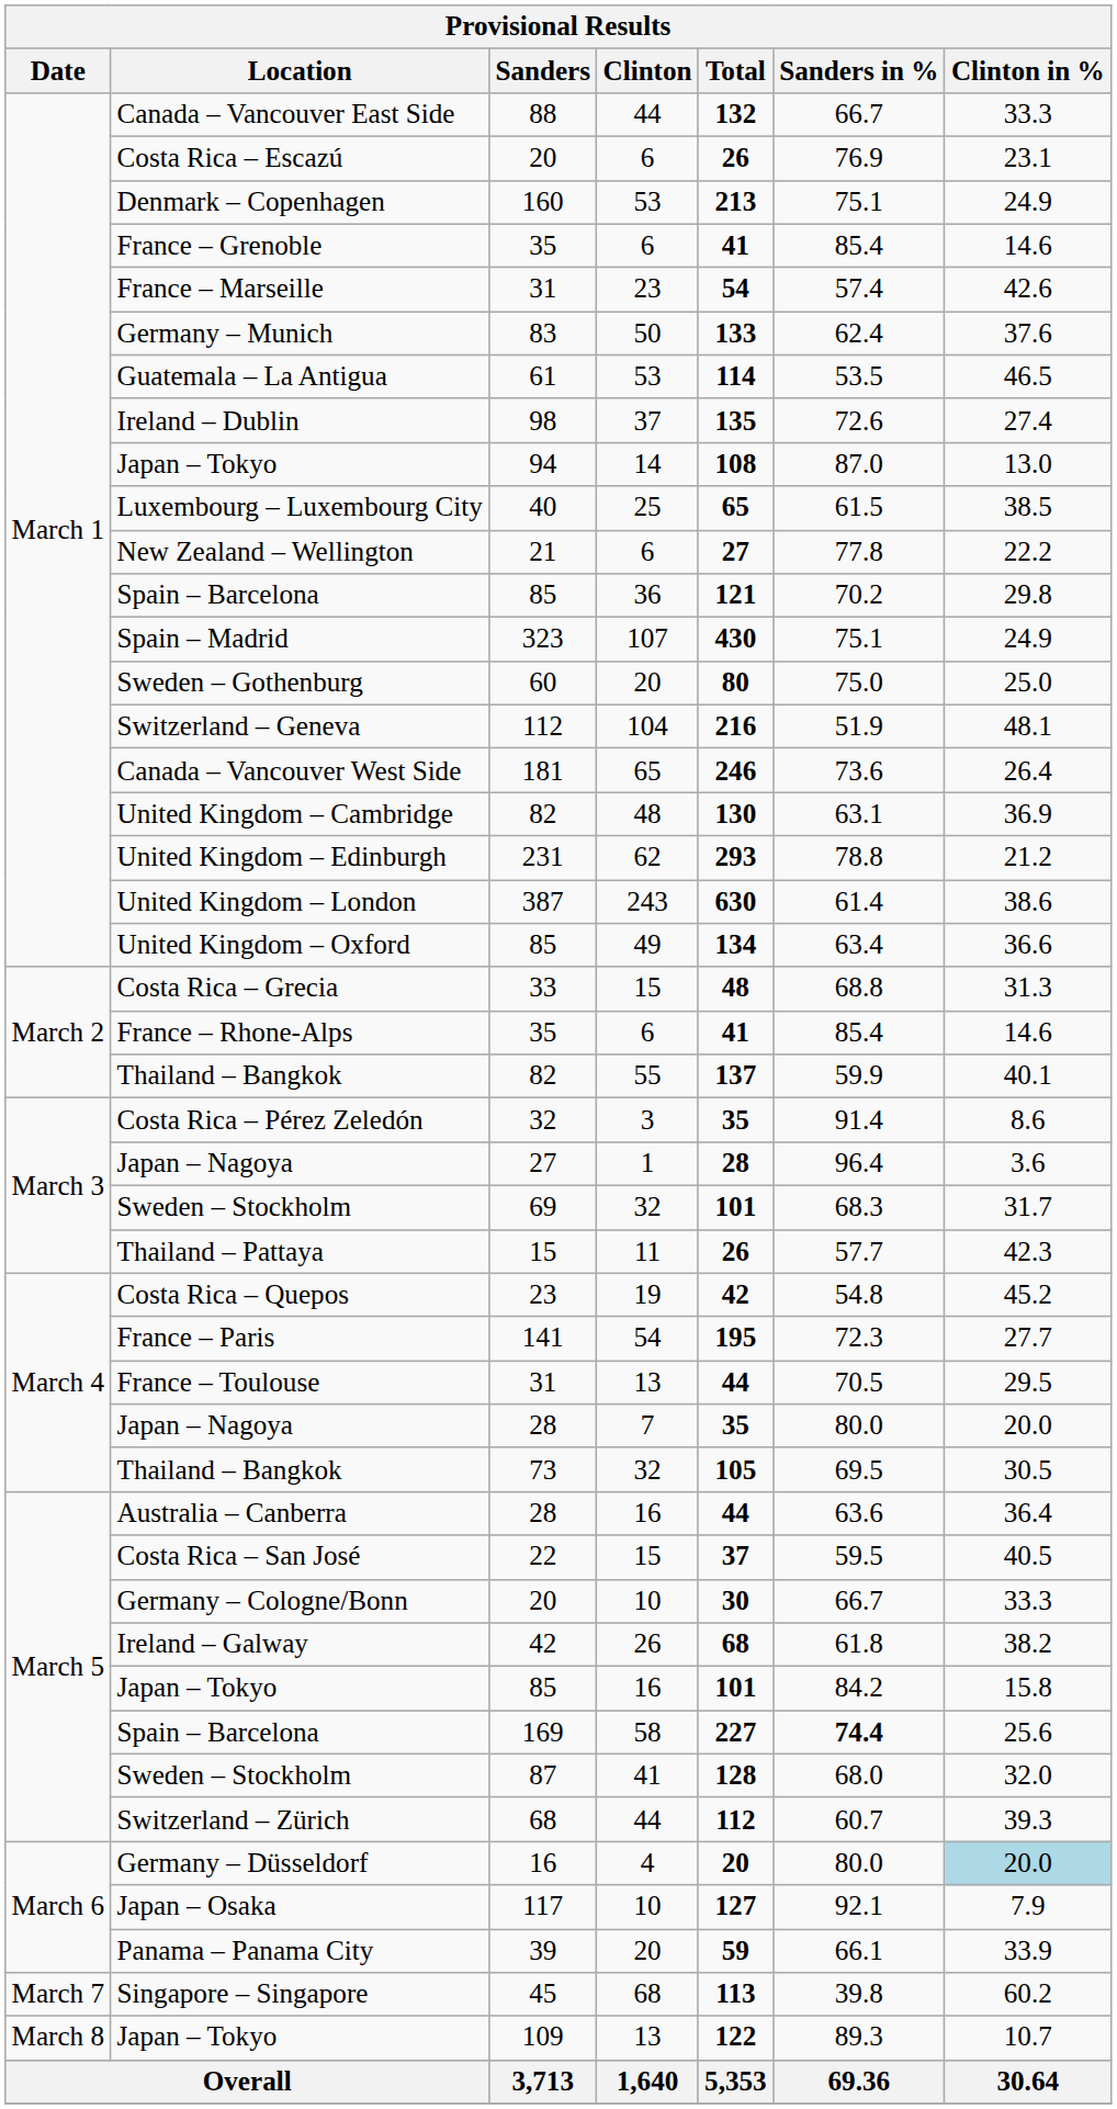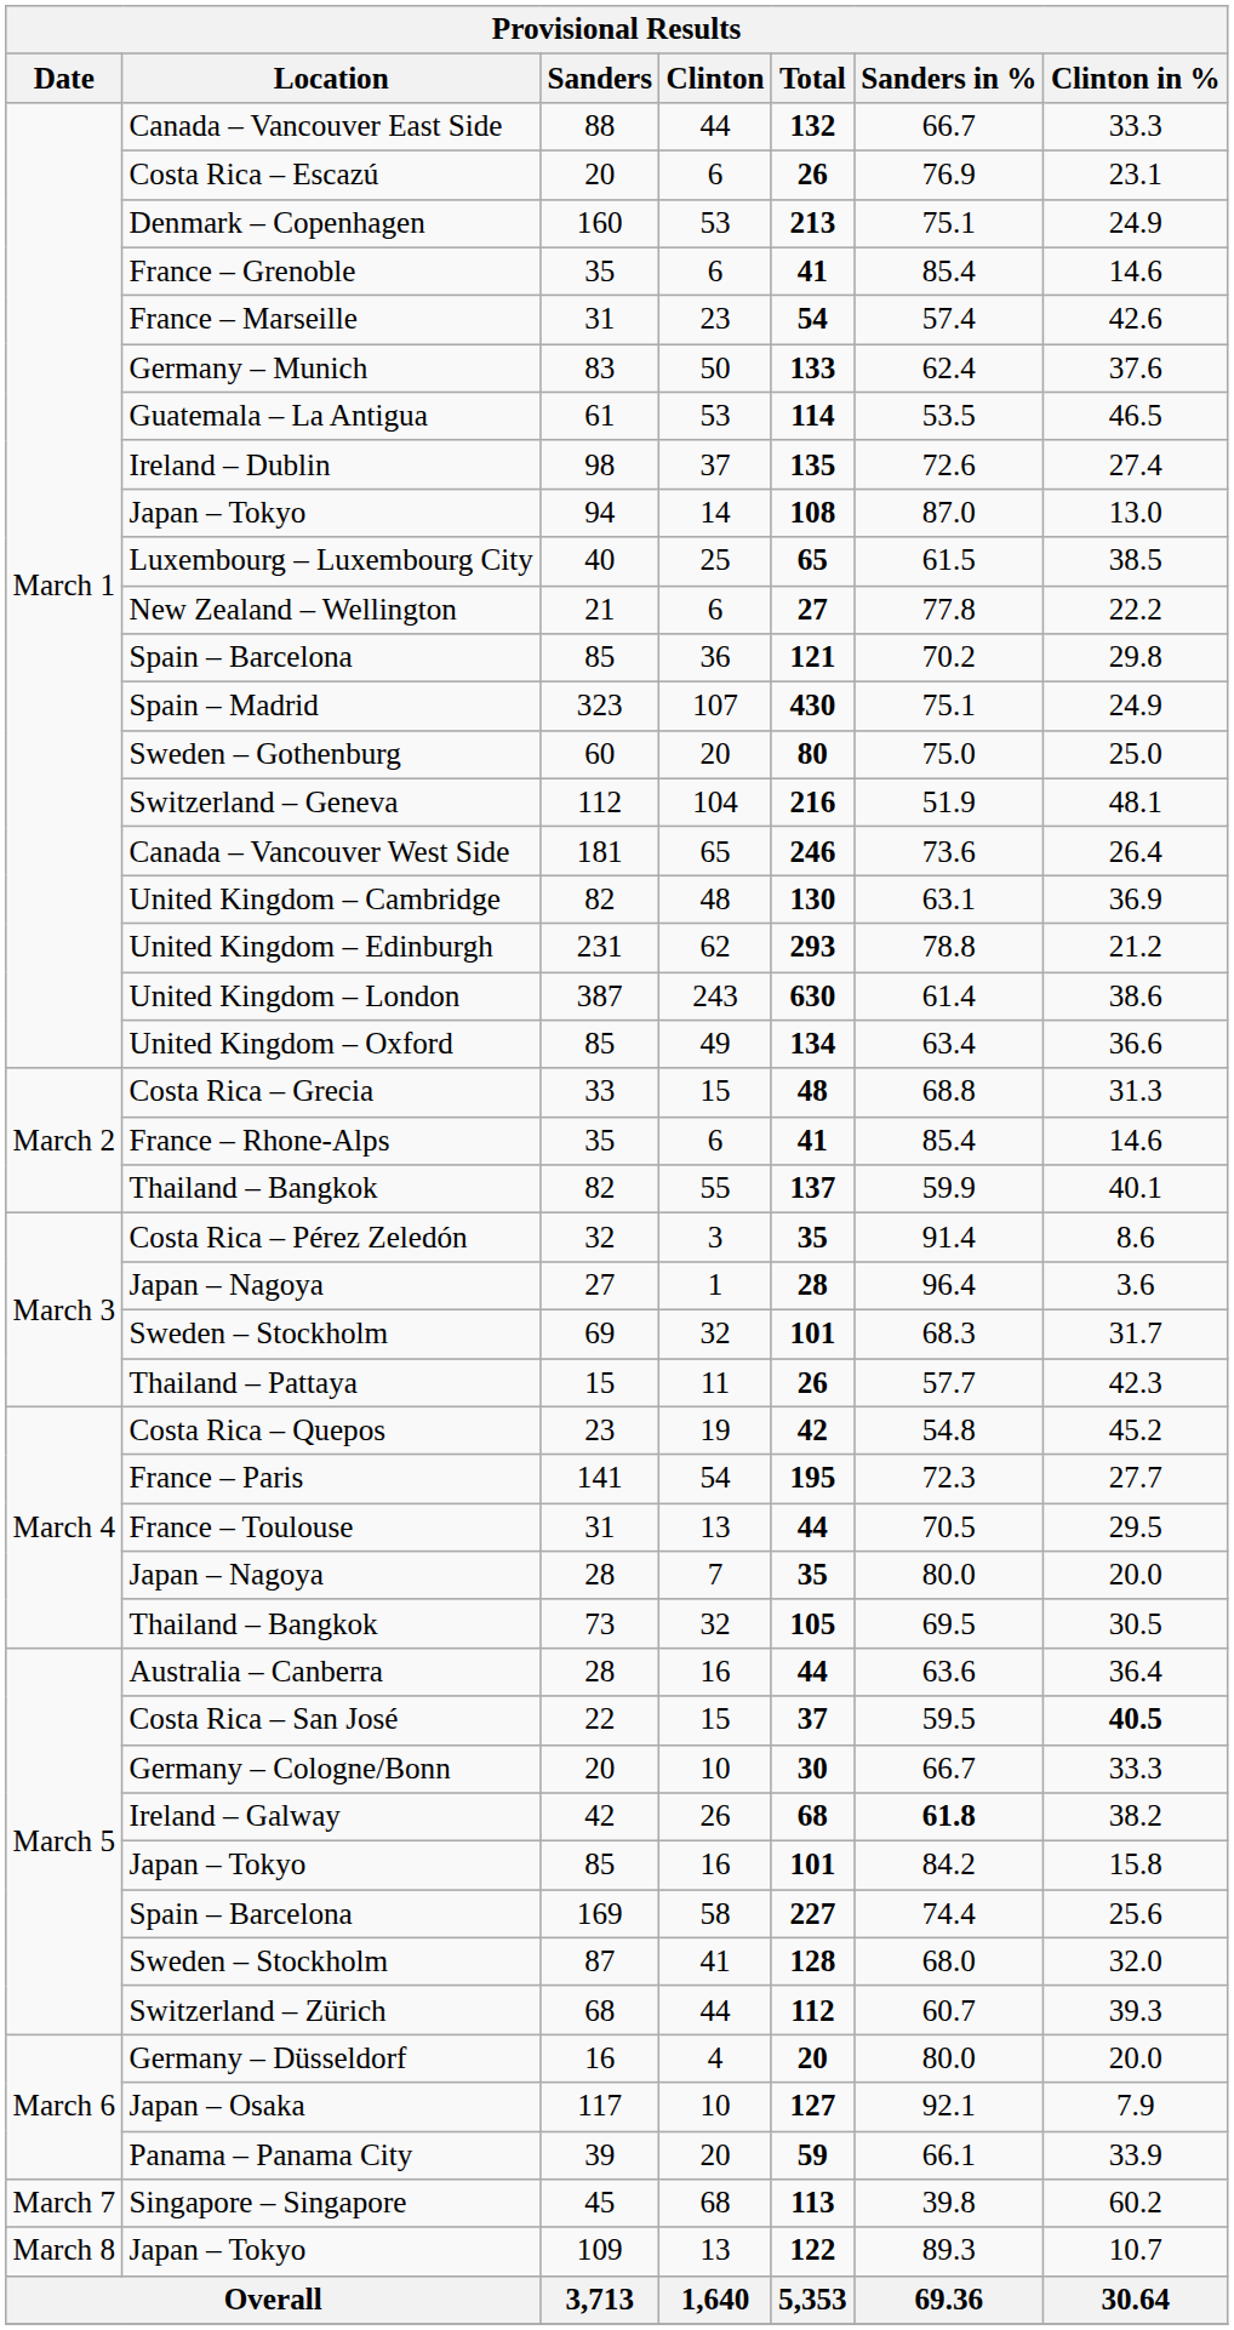 <table class="wikitable sortable collapsible collapsed" style="text-align:center">
 <tr>
 <th style="text-align: center;" colspan="8">Provisional Results</th>
 </tr>
 <tr>
 <th>Date</th>
 <th>Location</th>
 <th>Sanders</th>
 <th>Clinton</th>
 <th>Total</th>
 <th>Sanders in %</th>
 <th>Clinton in %</th>
 </tr>
 <tr>
 <td rowspan="20" style="text-align: center;">March 1</td>
 <td style="text-align: left;">Canada – Vancouver East Side</td>
 <td>88</td>
 <td style="text-align: center;">44</td>
 <td style="text-align: center; font-weight: bold;">132</td>
 <td>66.7</td>
 <td>33.3</td>
 </tr>
 <tr>
 <td style="text-align: left;">Costa Rica – Escazú </td>
 <td>20</td>
 <td style="text-align: center;">6</td>
 <td style="text-align: center; font-weight: bold;">26</td>
 <td>76.9</td>
 <td>23.1</td>
 </tr>
 <tr>
 <td style="text-align: left;">Denmark – Copenhagen</td>
 <td>160</td>
 <td style="text-align: center;">53</td>
 <td style="text-align: center; font-weight: bold;">213</td>
 <td>75.1</td>
 <td>24.9</td>
 </tr>
 <tr>
 <td style="text-align: left;">France – Grenoble</td>
 <td>35</td>
 <td style="text-align: center;">6</td>
 <td style="text-align: center; font-weight: bold;">41</td>
 <td>85.4</td>
 <td>14.6</td>
 </tr>
 <tr>
 <td style="text-align: left;">France – Marseille</td>
 <td>31</td>
 <td style="text-align: center;">23</td>
 <td style="text-align: center; font-weight: bold;">54</td>
 <td>57.4</td>
 <td>42.6</td>
 </tr>
 <tr>
 <td style="text-align: left;">Germany – Munich</td>
 <td>83</td>
 <td style="text-align: center;">50</td>
 <td style="text-align: center; font-weight: bold;">133</td>
 <td>62.4</td>
 <td>37.6</td>
 </tr>
 <tr>
 <td style="text-align: left;">Guatemala – La Antigua</td>
 <td>61</td>
 <td style="text-align: center;">53</td>
 <td style="text-align: center; font-weight: bold;">114</td>
 <td>53.5</td>
 <td>46.5</td>
 </tr>
 <tr>
 <td style="text-align: left;">Ireland – Dublin</td>
 <td>98</td>
 <td style="text-align: center;">37</td>
 <td style="text-align: center; font-weight: bold;">135</td>
 <td>72.6</td>
 <td>27.4</td>
 </tr>
 <tr>
 <td style="text-align: left;">Japan – Tokyo</td>
 <td>94</td>
 <td style="text-align: center;">14</td>
 <td style="text-align: center; font-weight: bold;">108</td>
 <td>87.0</td>
 <td>13.0</td>
 </tr>
 <tr>
 <td style="text-align: left;">Luxembourg – Luxembourg City</td>
 <td>40</td>
 <td style="text-align: center;">25</td>
 <td style="text-align: center; font-weight: bold;">65</td>
 <td>61.5</td>
 <td>38.5</td>
 </tr>
 <tr>
 <td style="text-align: left;">New Zealand – Wellington</td>
 <td>21</td>
 <td style="text-align: center;">6</td>
 <td style="text-align: center; font-weight: bold;">27</td>
 <td>77.8</td>
 <td>22.2</td>
 </tr>
 <tr>
 <td style="text-align: left;">Spain – Barcelona</td>
 <td>85</td>
 <td style="text-align: center;">36</td>
 <td style="text-align: center; font-weight: bold;">121</td>
 <td>70.2</td>
 <td>29.8</td>
 </tr>
 <tr>
 <td style="text-align: left;">Spain – Madrid</td>
 <td>323</td>
 <td style="text-align: center;">107</td>
 <td style="text-align: center; font-weight: bold;">430</td>
 <td>75.1</td>
 <td>24.9</td>
 </tr>
 <tr>
 <td style="text-align: left;">Sweden – Gothenburg</td>
 <td>60</td>
 <td style="text-align: center;">20</td>
 <td style="text-align: center; font-weight: bold;">80</td>
 <td>75.0</td>
 <td>25.0</td>
 </tr>
 <tr>
 <td style="text-align: left;">Switzerland – Geneva</td>
 <td>112</td>
 <td style="text-align: center;">104</td>
 <td style="text-align: center; font-weight: bold;">216</td>
 <td>51.9</td>
 <td>48.1</td>
 </tr>
 <tr>
 <td style="text-align: left;">Canada – Vancouver West Side</td>
 <td>181</td>
 <td style="text-align: center;">65</td>
 <td style="text-align: center; font-weight: bold;">246</td>
 <td>73.6</td>
 <td>26.4</td>
 </tr>
 <tr>
 <td style="text-align: left;">United Kingdom – Cambridge</td>
 <td>82</td>
 <td style="text-align: center;">48</td>
 <td style="text-align: center; font-weight: bold;">130</td>
 <td>63.1</td>
 <td>36.9</td>
 </tr>
 <tr>
 <td style="text-align: left;">United Kingdom – Edinburgh</td>
 <td>231</td>
 <td style="text-align: center;">62</td>
 <td style="text-align: center; font-weight: bold;">293</td>
 <td>78.8</td>
 <td>21.2</td>
 </tr>
 <tr>
 <td style="text-align: left;">United Kingdom – London</td>
 <td>387</td>
 <td style="text-align: center;">243</td>
 <td style="text-align: center; font-weight: bold;">630</td>
 <td>61.4</td>
 <td>38.6</td>
 </tr>
 <tr>
 <td style="text-align: left;">United Kingdom – Oxford</td>
 <td>85</td>
 <td style="text-align: center;">49</td>
 <td style="text-align: center; font-weight: bold;">134</td>
 <td>63.4</td>
 <td>36.6</td>
 </tr>
 <tr>
 <td rowspan="3" style="text-align: center;">March 2</td>
 <td style="text-align: left;">Costa Rica – Grecia</td>
 <td>33</td>
 <td style="text-align: center;">15</td>
 <td style="text-align: center; font-weight: bold;">48</td>
 <td>68.8</td>
 <td>31.3</td>
 </tr>
 <tr>
 <td style="text-align: left;">France – Rhone-Alps</td>
 <td>35</td>
 <td style="text-align: center;">6</td>
 <td style="text-align: center; font-weight: bold;">41</td>
 <td>85.4</td>
 <td>14.6</td>
 </tr>
 <tr>
 <td style="text-align: left;">Thailand – Bangkok</td>
 <td>82</td>
 <td style="text-align: center;">55</td>
 <td style="text-align: center; font-weight: bold;">137</td>
 <td>59.9</td>
 <td>40.1</td>
 </tr>
 <tr>
 <td rowspan="4" style="text-align: center;">March 3</td>
 <td style="text-align: left;">Costa Rica – Pérez Zeledón</td>
 <td>32</td>
 <td style="text-align: center;">3</td>
 <td style="text-align: center; font-weight: bold;">35</td>
 <td>91.4</td>
 <td>8.6</td>
 </tr>
 <tr>
 <td style="text-align: left;">Japan – Nagoya</td>
 <td>27</td>
 <td style="text-align: center;">1</td>
 <td style="text-align: center; font-weight: bold;">28</td>
 <td>96.4</td>
 <td>3.6</td>
 </tr>
 <tr>
 <td style="text-align: left;">Sweden – Stockholm</td>
 <td>69</td>
 <td style="text-align: center;">32</td>
 <td style="text-align: center; font-weight: bold;">101</td>
 <td>68.3</td>
 <td>31.7</td>
 </tr>
 <tr>
 <td style="text-align: left;">Thailand – Pattaya</td>
 <td>15</td>
 <td style="text-align: center;">11</td>
 <td style="text-align: center; font-weight: bold;">26</td>
 <td>57.7</td>
 <td>42.3</td>
 </tr>
 <tr>
 <td rowspan="5" style="text-align: center;">March 4</td>
 <td style="text-align: left;">Costa Rica – Quepos</td>
 <td>23</td>
 <td style="text-align: center;">19</td>
 <td style="text-align: center; font-weight: bold;">42</td>
 <td>54.8</td>
 <td>45.2</td>
 </tr>
 <tr>
 <td style="text-align: left;">France – Paris</td>
 <td>141</td>
 <td style="text-align: center;">54</td>
 <td style="text-align: center; font-weight: bold;">195</td>
 <td>72.3</td>
 <td>27.7</td>
 </tr>
 <tr>
 <td style="text-align: left;">France – Toulouse</td>
 <td>31</td>
 <td style="text-align: center;">13</td>
 <td style="text-align: center; font-weight: bold;">44</td>
 <td>70.5</td>
 <td>29.5</td>
 </tr>
 <tr>
 <td style="text-align: left;">Japan – Nagoya</td>
 <td>28</td>
 <td style="text-align: center;">7</td>
 <td style="text-align: center; font-weight: bold;">35</td>
 <td>80.0</td>
 <td>20.0</td>
 </tr>
 <tr>
 <td style="text-align: left;">Thailand – Bangkok</td>
 <td>73</td>
 <td style="text-align: center;">32</td>
 <td style="text-align: center; font-weight: bold;">105</td>
 <td>69.5</td>
 <td>30.5</td>
 </tr>
 <tr>
 <td rowspan="8" style="text-align: center;">March 5</td>
 <td style="text-align: left;">Australia – Canberra</td>
 <td>28</td>
 <td style="text-align: center;">16</td>
 <td style="text-align: center; font-weight: bold;">44</td>
 <td>63.6</td>
 <td>36.4</td>
 </tr>
 <tr>
 <td style="text-align: left;">Costa Rica – San José</td>
 <td>22</td>
 <td style="text-align: center;">15</td>
 <td style="text-align: center; font-weight: bold;">37</td>
 <td>59.5</td>
-<td>40.5</td>
+<td><strong>40.5</strong></td>
 </tr>
 <tr>
 <td style="text-align: left;">Germany – Cologne/Bonn</td>
 <td>20</td>
 <td style="text-align: center;">10</td>
 <td style="text-align: center; font-weight: bold;">30</td>
 <td>66.7</td>
 <td>33.3</td>
 </tr>
 <tr>
 <td style="text-align: left;">Ireland – Galway</td>
 <td>42</td>
 <td style="text-align: center;">26</td>
 <td style="text-align: center; font-weight: bold;">68</td>
-<td>61.8</td>
+<td><strong>61.8</strong></td>
 <td>38.2</td>
 </tr>
 <tr>
 <td style="text-align: left;">Japan – Tokyo</td>
 <td>85</td>
 <td style="text-align: center;">16</td>
 <td style="text-align: center; font-weight: bold;">101</td>
 <td>84.2</td>
 <td>15.8</td>
 </tr>
 <tr>
 <td style="text-align: left;">Spain – Barcelona</td>
 <td>169</td>
 <td style="text-align: center;">58</td>
 <td style="text-align: center; font-weight: bold;">227</td>
-<td><strong>74.4</strong></td>
+<td>74.4</td>
 <td>25.6</td>
 </tr>
 <tr>
 <td style="text-align: left;">Sweden – Stockholm</td>
 <td>87</td>
 <td style="text-align: center;">41</td>
 <td style="text-align: center; font-weight: bold;">128</td>
 <td>68.0</td>
 <td>32.0</td>
 </tr>
 <tr>
 <td style="text-align: left;">Switzerland – Zürich</td>
 <td>68</td>
 <td style="text-align: center">44</td>
 <td style="text-align: center; font-weight: bold;">112</td>
 <td>60.7</td>
 <td>39.3</td>
 </tr>
 <tr>
 <td rowspan="3">March 6</td>
 <td style="text-align: left;">Germany – Düsseldorf</td>
 <td>16</td>
 <td style="text-align: center;">4</td>
 <td style="text-align: center; font-weight: bold;">20</td>
 <td>80.0</td>
-<td style="background: lightblue;">20.0</td>
+<td>20.0</td>
 </tr>
 <tr>
 <td style="text-align: left;">Japan – Osaka</td>
 <td>117</td>
 <td style="text-align: center;">10</td>
 <td style="text-align: center; font-weight: bold;">127</td>
 <td>92.1</td>
 <td>7.9</td>
 </tr>
 <tr>
 <td style="text-align: left;">Panama – Panama City</td>
 <td>39</td>
 <td style="text-align: center;">20</td>
 <td style="text-align: center; font-weight: bold;">59</td>
 <td>66.1</td>
 <td>33.9</td>
 </tr>
 <tr>
 <td>March 7</td>
 <td style="text-align: left;">Singapore – Singapore</td>
 <td style="text-align: center;">45</td>
 <td>68</td>
 <td style="text-align: center; font-weight: bold;">113</td>
 <td>39.8</td>
 <td>60.2</td>
 </tr>
 <tr>
 <td>March 8</td>
 <td style="text-align: left;">Japan – Tokyo</td>
 <td>109</td>
 <td style="text-align: center;">13</td>
 <td style="text-align: center; font-weight: bold;">122</td>
 <td>89.3</td>
 <td>10.7</td>
 </tr>
 <tr class="sortbottom">
 <th colspan="2" style="text-align: center; font-weight: bold;">Overall</th>
 <th style="text-align: center; font-weight: bold;">3,713</th>
 <th style="text-align: center; font-weight: bold;">1,640</th>
 <th style="text-align: center; font-weight: bold;">5,353</th>
 <th>69.36</th>
 <th>30.64</th>
 </tr>
 <tr>
 </tr>
 </table>
